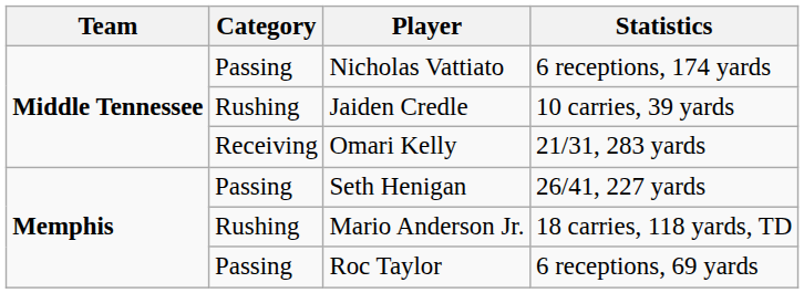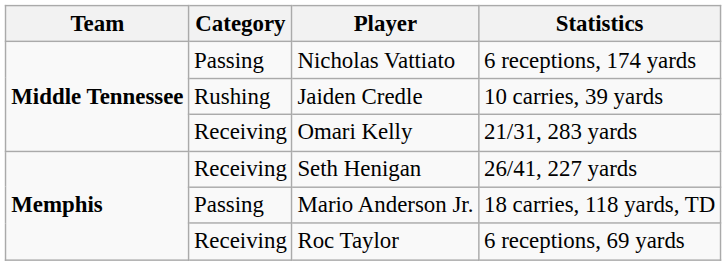 <table class="wikitable" style="float: right;">
 <tr>
 <th>Team</th>
 <th>Category</th>
 <th>Player</th>
 <th>Statistics</th>
 </tr>
 <tr>
 <td rowspan=3><strong>Middle Tennessee</strong></td>
 <td>Passing</td>
 <td>Nicholas Vattiato</td>
 <td>6 receptions, 174 yards</td>
 </tr>
 <tr>
 <td>Rushing</td>
 <td>Jaiden Credle</td>
 <td>10 carries, 39 yards</td>
 </tr>
 <tr>
 <td>Receiving</td>
 <td>Omari Kelly</td>
 <td>21/31, 283 yards</td>
 </tr>
 <tr>
 <td rowspan=3><strong>Memphis</strong></td>
-<td>Passing</td>
+<td>Receiving</td>
 <td>Seth Henigan</td>
 <td>26/41, 227 yards</td>
 </tr>
 <tr>
-<td>Rushing</td>
+<td>Passing</td>
 <td>Mario Anderson Jr.</td>
 <td>18 carries, 118 yards, TD</td>
 </tr>
 <tr>
-<td>Passing</td>
+<td>Receiving</td>
 <td>Roc Taylor</td>
 <td>6 receptions, 69 yards</td>
 </tr>
 </table>
